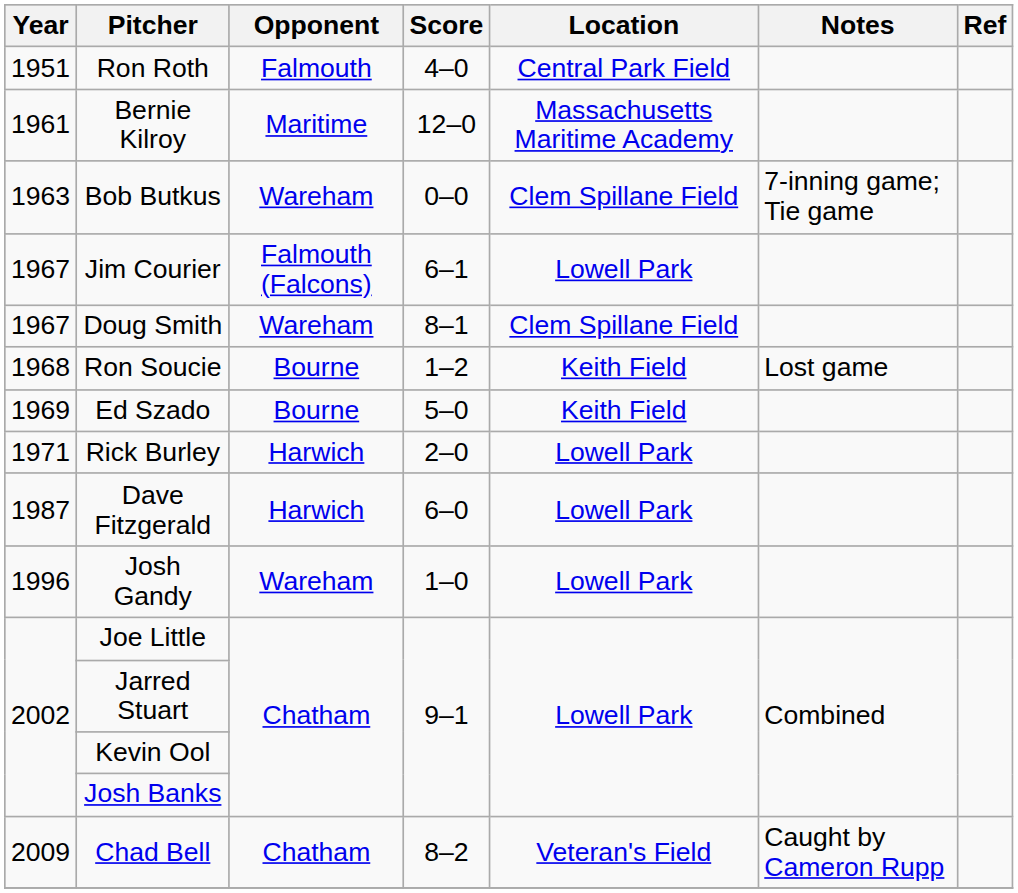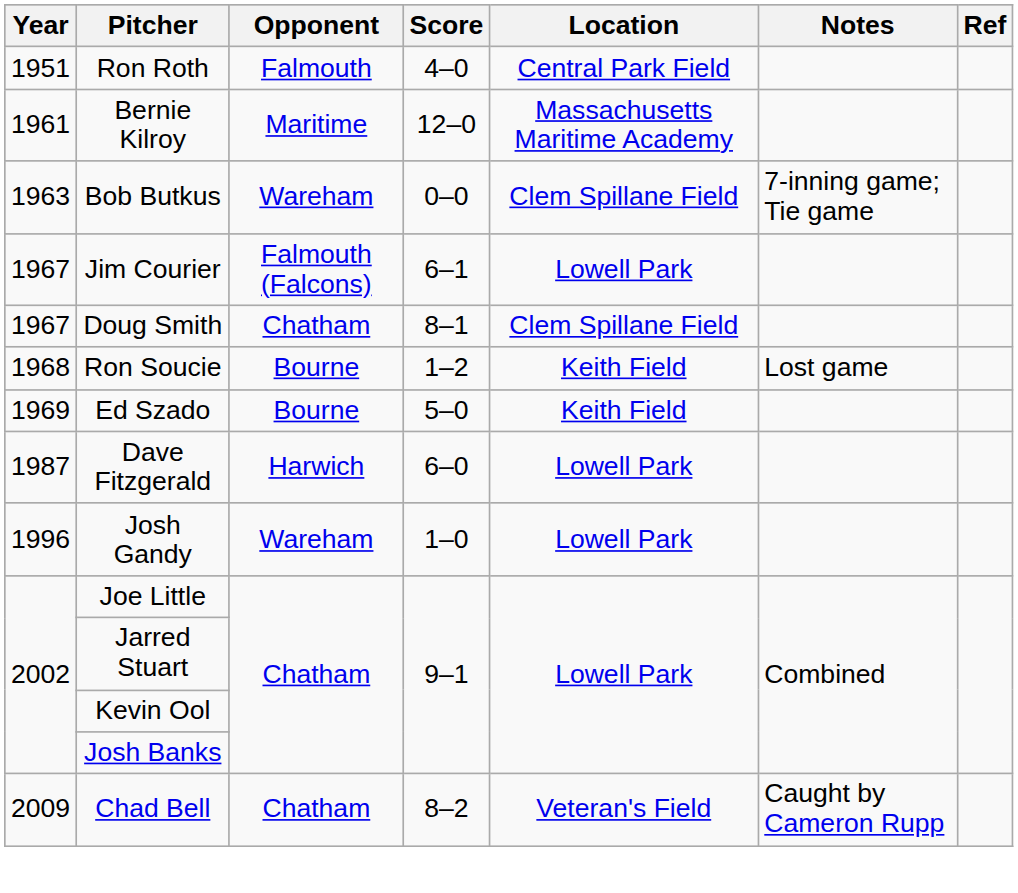 <table class="wikitable" style="text-align:center">
 <tr>
 <th scope="col">Year</th>
 <th scope="col">Pitcher</th>
 <th scope="col">Opponent</th>
 <th scope="col">Score</th>
 <th scope="col">Location</th>
 <th scope="col">Notes</th>
 <th scope="col">Ref</th>
 </tr>
 <tr>
 <td>1951</td>
 <td>Ron Roth</td>
 <td><a href='#'>Falmouth</a></td>
 <td>4–0</td>
 <td><a href='#'>Central Park Field</a></td>
 <td></td>
 <td></td>
 </tr>
 <tr>
 <td>1961</td>
 <td>Bernie Kilroy</td>
 <td><a href='#'>Maritime</a></td>
 <td>12–0</td>
 <td><a href='#'>Massachusetts Maritime Academy</a></td>
 <td></td>
 <td></td>
 </tr>
 <tr>
 <td>1963</td>
 <td>Bob Butkus</td>
 <td><a href='#'>Wareham</a></td>
 <td>0–0</td>
 <td><a href='#'>Clem Spillane Field</a></td>
 <td style="text-align:left">7-inning game;<br>Tie game</td>
 <td></td>
 </tr>
 <tr>
 <td>1967</td>
 <td>Jim Courier</td>
 <td><a href='#'>Falmouth (Falcons)</a></td>
 <td>6–1</td>
 <td><a href='#'>Lowell Park</a></td>
 <td></td>
 <td></td>
 </tr>
 <tr>
 <td>1967</td>
 <td>Doug Smith</td>
-<td><a href='#'>Wareham</a></td>
+<td><a href='#'>Chatham</a></td>
 <td>8–1</td>
 <td><a href='#'>Clem Spillane Field</a></td>
 <td></td>
 <td></td>
 </tr>
 <tr>
 <td>1968</td>
 <td>Ron Soucie</td>
 <td><a href='#'>Bourne</a></td>
 <td>1–2</td>
 <td><a href='#'>Keith Field</a></td>
 <td style="text-align:left">Lost game</td>
 <td></td>
 </tr>
 <tr>
 <td>1969</td>
 <td>Ed Szado</td>
 <td><a href='#'>Bourne</a></td>
 <td>5–0</td>
 <td><a href='#'>Keith Field</a></td>
-<td></td>
-<td></td>
-</tr>
-<tr>
-<td>1971</td>
-<td>Rick Burley</td>
-<td><a href='#'>Harwich</a></td>
-<td>2–0</td>
-<td><a href='#'>Lowell Park</a></td>
 <td></td>
 <td></td>
 </tr>
 <tr>
 <td>1987</td>
 <td>Dave Fitzgerald</td>
 <td><a href='#'>Harwich</a></td>
 <td>6–0</td>
 <td><a href='#'>Lowell Park</a></td>
 <td></td>
 <td></td>
 </tr>
 <tr>
 <td>1996</td>
 <td>Josh Gandy</td>
 <td><a href='#'>Wareham</a></td>
 <td>1–0</td>
 <td><a href='#'>Lowell Park</a></td>
 <td></td>
 <td></td>
 </tr>
 <tr>
 <td rowspan="4">2002</td>
 <td>Joe Little</td>
 <td rowspan="4"><a href='#'>Chatham</a></td>
 <td rowspan="4">9–1</td>
 <td rowspan="4"><a href='#'>Lowell Park</a></td>
 <td style="text-align:left" rowspan="4">Combined</td>
 <td rowspan="4"></td>
 </tr>
 <tr>
 <td>Jarred Stuart</td>
 </tr>
 <tr>
 <td>Kevin Ool</td>
 </tr>
 <tr>
 <td><a href='#'>Josh Banks</a></td>
 </tr>
 <tr>
 <td>2009</td>
 <td><a href='#'>Chad Bell</a></td>
 <td><a href='#'>Chatham</a></td>
 <td>8–2</td>
 <td><a href='#'>Veteran's Field</a></td>
 <td style="text-align:left">Caught by <a href='#'>Cameron Rupp</a></td>
 <td></td>
 </tr>
 <tr>
 </tr>
 </table>
